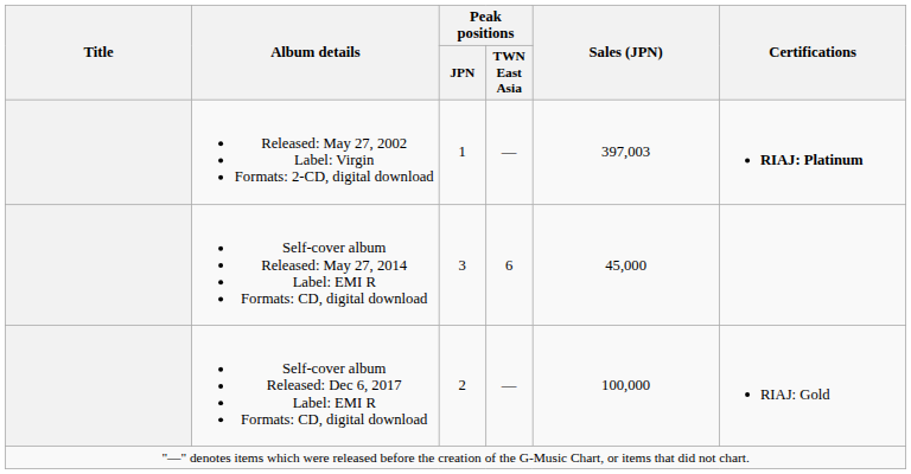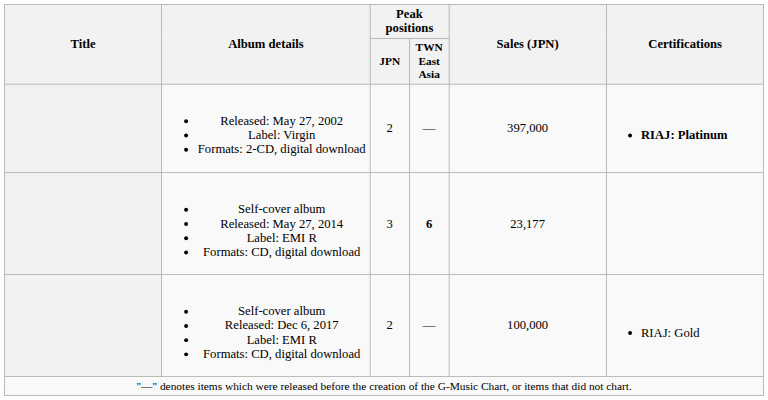 <table class="wikitable plainrowheaders" style="text-align:center;">
 <tr>
 <th style="width:12em;" rowspan="2">Title</th>
 <th style="width:16em;" rowspan="2">Album details</th>
 <th colspan="2">Peak positions</th>
 <th style="width:12em;" rowspan="2">Sales (JPN)</th>
 <th style="width:12em;" rowspan="2">Certifications</th>
 </tr>
 <tr>
 <th scope="col" style="width:3em;font-size:90%;">JPN<br></th>
 <th scope="col" style="width:3em;font-size:90%;">TWN East Asia<br></th>
 </tr>
 <tr>
 <th scope="row"></th>
 <td><br><ul><li>Released: May 27, 2002 </li><li>Label: Virgin</li><li>Formats: 2-CD, digital download</li></ul></td>
-<td>1</td>
+<td>2</td>
 <td>—</td>
-<td>397,003</td>
+<td>397,000</td>
 <td align="left"><strong><br><ul><li>RIAJ: Platinum</li></ul></strong></td>
 </tr>
 <tr>
 <th scope="row"></th>
 <td><br><ul><li>Self-cover album</li><li>Released: May 27, 2014 </li><li>Label: EMI R</li><li>Formats: CD, digital download</li></ul></td>
 <td>3</td>
-<td>6</td>
-<td>45,000</td>
+<td><strong>6</strong></td>
+<td>23,177</td>
 <td align="left"></td>
 </tr>
 <tr>
 <th scope="row"></th>
 <td><br><ul><li>Self-cover album</li><li>Released: Dec 6, 2017 </li><li>Label: EMI R</li><li>Formats: CD, digital download</li></ul></td>
 <td>2</td>
 <td>—</td>
 <td>100,000</td>
 <td align="left"><br><ul><li>RIAJ: Gold</li></ul></td>
 </tr>
 <tr>
 <td colspan="12" align="center" style="font-size:90%;">"—" denotes items which were released before the creation of the G-Music Chart, or items that did not chart.</td>
 </tr>
 </table>
